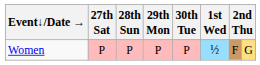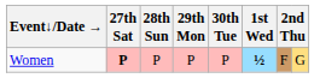 <table class="wikitable" style="margin:0.5em auto; font-size:90%; line-height:1.25em; text-align:center;">
 <tr>
 <th>Event↓/Date →</th>
 <th>27th<br>Sat</th>
 <th>28th<br>Sun</th>
 <th>29th<br>Mon</th>
 <th>30th<br>Tue</th>
 <th>1st<br>Wed</th>
 <th colspan=2>2nd<br>Thu</th>
 </tr>
 <tr>
 <td style="text-align:left;"><a href='#'>Women</a></td>
+<td bgcolor="#FFBBBB"><strong>P</strong></td>
 <td bgcolor="#FFBBBB">P</td>
 <td bgcolor="#FFBBBB">P</td>
 <td bgcolor="#FFBBBB">P</td>
-<td bgcolor="#FFBBBB">P</td>
-<td bgcolor="#97DEFF">½</td>
+<td bgcolor="#97DEFF"><strong>½</strong></td>
 <td bgcolor="#CC9966">F</td>
 <td bgcolor="#FFDF80">G</td>
 </tr>
 </table>
